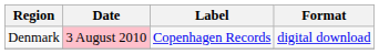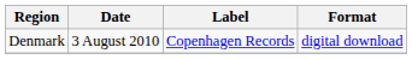 <table class=wikitable>
 <tr>
 <th>Region</th>
 <th>Date</th>
 <th>Label</th>
 <th>Format</th>
 </tr>
 <tr>
 <td>Denmark</td>
-<td style="background: pink;">3 August 2010</td>
+<td>3 August 2010</td>
 <td><a href='#'>Copenhagen Records</a></td>
 <td><a href='#'>digital download</a></td>
 </tr>
 <tr>
 </tr>
 </table>
